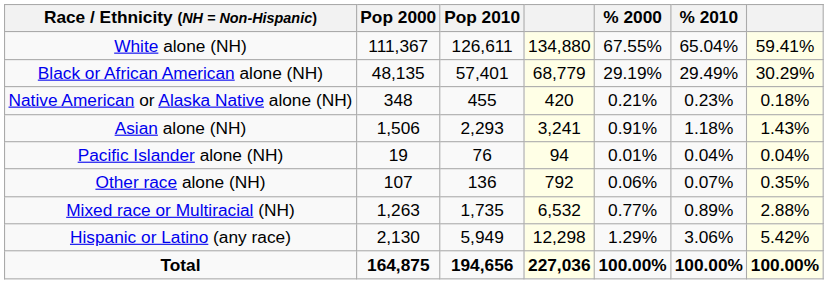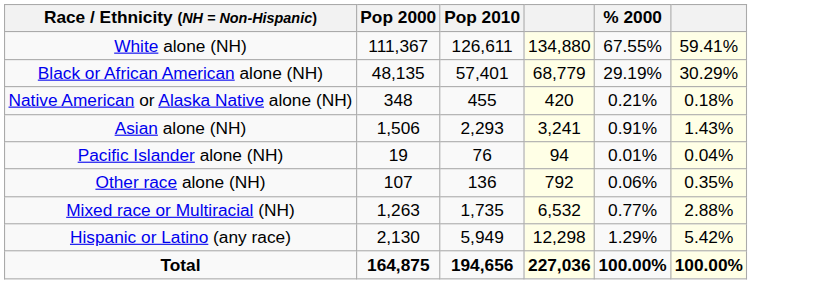 <table class="wikitable" style="text-align:center;">
 <tr>
 <th>Race / Ethnicity <small>(<em>NH = Non-Hispanic</em>)</small></th>
 <th>Pop 2000</th>
 <th>Pop 2010</th>
 <th></th>
 <th>% 2000</th>
-<th>% 2010</th>
 <th></th>
 </tr>
 <tr>
 <td><a href='#'>White</a> alone (NH)</td>
 <td>111,367</td>
 <td>126,611</td>
 <td style='background: #ffffe6;'>134,880</td>
 <td>67.55%</td>
-<td>65.04%</td>
 <td style='background: #ffffe6;'>59.41%</td>
 </tr>
 <tr>
 <td><a href='#'>Black or African American</a> alone (NH)</td>
 <td>48,135</td>
 <td>57,401</td>
 <td style='background: #ffffe6;'>68,779</td>
 <td>29.19%</td>
-<td>29.49%</td>
 <td style='background: #ffffe6;'>30.29%</td>
 </tr>
 <tr>
 <td><a href='#'>Native American</a> or <a href='#'>Alaska Native</a> alone (NH)</td>
 <td>348</td>
 <td>455</td>
 <td style='background: #ffffe6;'>420</td>
 <td>0.21%</td>
-<td>0.23%</td>
 <td style='background: #ffffe6;'>0.18%</td>
 </tr>
 <tr>
 <td><a href='#'>Asian</a> alone (NH)</td>
 <td>1,506</td>
 <td>2,293</td>
 <td style='background: #ffffe6;'>3,241</td>
 <td>0.91%</td>
-<td>1.18%</td>
 <td style='background: #ffffe6;'>1.43%</td>
 </tr>
 <tr>
 <td><a href='#'>Pacific Islander</a> alone (NH)</td>
 <td>19</td>
 <td>76</td>
 <td style='background: #ffffe6;'>94</td>
 <td>0.01%</td>
-<td>0.04%</td>
 <td style='background: #ffffe6;'>0.04%</td>
 </tr>
 <tr>
 <td><a href='#'>Other race</a> alone (NH)</td>
 <td>107</td>
 <td>136</td>
 <td style='background: #ffffe6;'>792</td>
 <td>0.06%</td>
-<td>0.07%</td>
 <td style='background: #ffffe6;'>0.35%</td>
 </tr>
 <tr>
 <td><a href='#'>Mixed race or Multiracial</a> (NH)</td>
 <td>1,263</td>
 <td>1,735</td>
 <td style='background: #ffffe6;'>6,532</td>
 <td>0.77%</td>
-<td>0.89%</td>
 <td style='background: #ffffe6;'>2.88%</td>
 </tr>
 <tr>
 <td><a href='#'>Hispanic or Latino</a> (any race)</td>
 <td>2,130</td>
 <td>5,949</td>
 <td style='background: #ffffe6;'>12,298</td>
 <td>1.29%</td>
-<td>3.06%</td>
 <td style='background: #ffffe6;'>5.42%</td>
 </tr>
 <tr>
 <td><strong>Total</strong></td>
 <td><strong>164,875</strong></td>
 <td><strong>194,656</strong></td>
 <td style='background: #ffffe6;'><strong>227,036</strong></td>
 <td><strong>100.00%</strong></td>
-<td><strong>100.00%</strong></td>
 <td style='background: #ffffe6;'><strong>100.00%</strong></td>
 </tr>
 </table>
